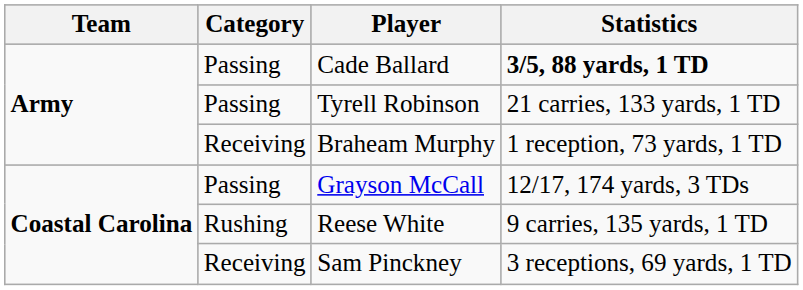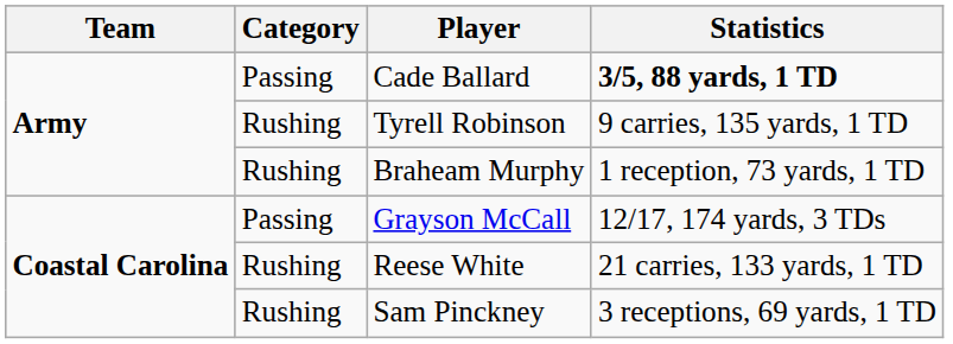 <table class="wikitable" style="float: left;">
 <tr>
 <th>Team</th>
 <th>Category</th>
 <th>Player</th>
 <th>Statistics</th>
 </tr>
 <tr>
 <td rowspan=3><strong>Army</strong></td>
 <td>Passing</td>
 <td>Cade Ballard</td>
 <td><strong>3/5, 88 yards, 1 TD</strong></td>
 </tr>
 <tr>
-<td>Passing</td>
+<td>Rushing</td>
 <td>Tyrell Robinson</td>
-<td>21 carries, 133 yards, 1 TD</td>
+<td>9 carries, 135 yards, 1 TD</td>
 </tr>
 <tr>
-<td>Receiving</td>
+<td>Rushing</td>
 <td>Braheam Murphy</td>
 <td>1 reception, 73 yards, 1 TD</td>
 </tr>
 <tr>
 <td rowspan=3><strong>Coastal Carolina</strong></td>
 <td>Passing</td>
 <td><a href='#'>Grayson McCall</a></td>
 <td>12/17, 174 yards, 3 TDs</td>
 </tr>
 <tr>
 <td>Rushing</td>
 <td>Reese White</td>
-<td>9 carries, 135 yards, 1 TD</td>
+<td>21 carries, 133 yards, 1 TD</td>
 </tr>
 <tr>
-<td>Receiving</td>
+<td>Rushing</td>
 <td>Sam Pinckney</td>
 <td>3 receptions, 69 yards, 1 TD</td>
 </tr>
 </table>
